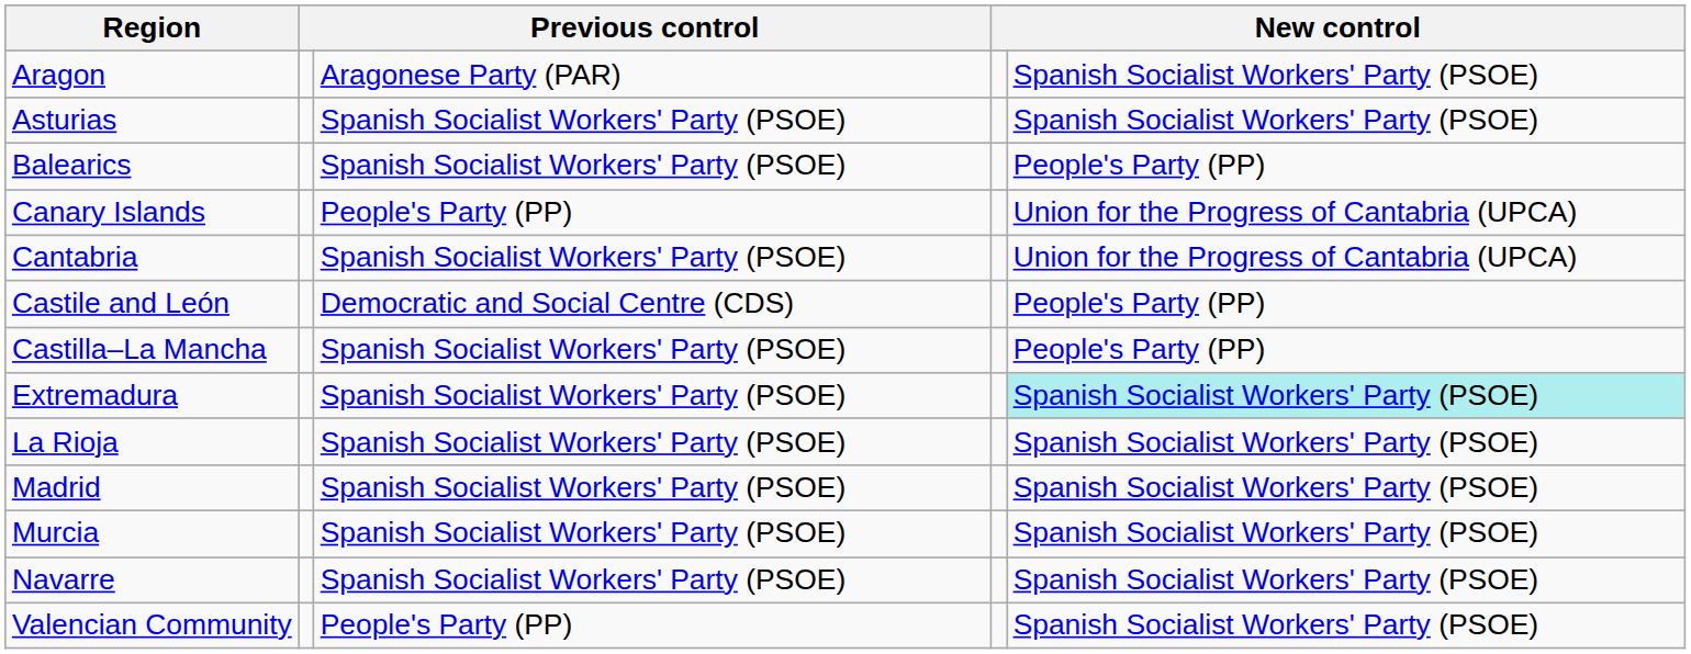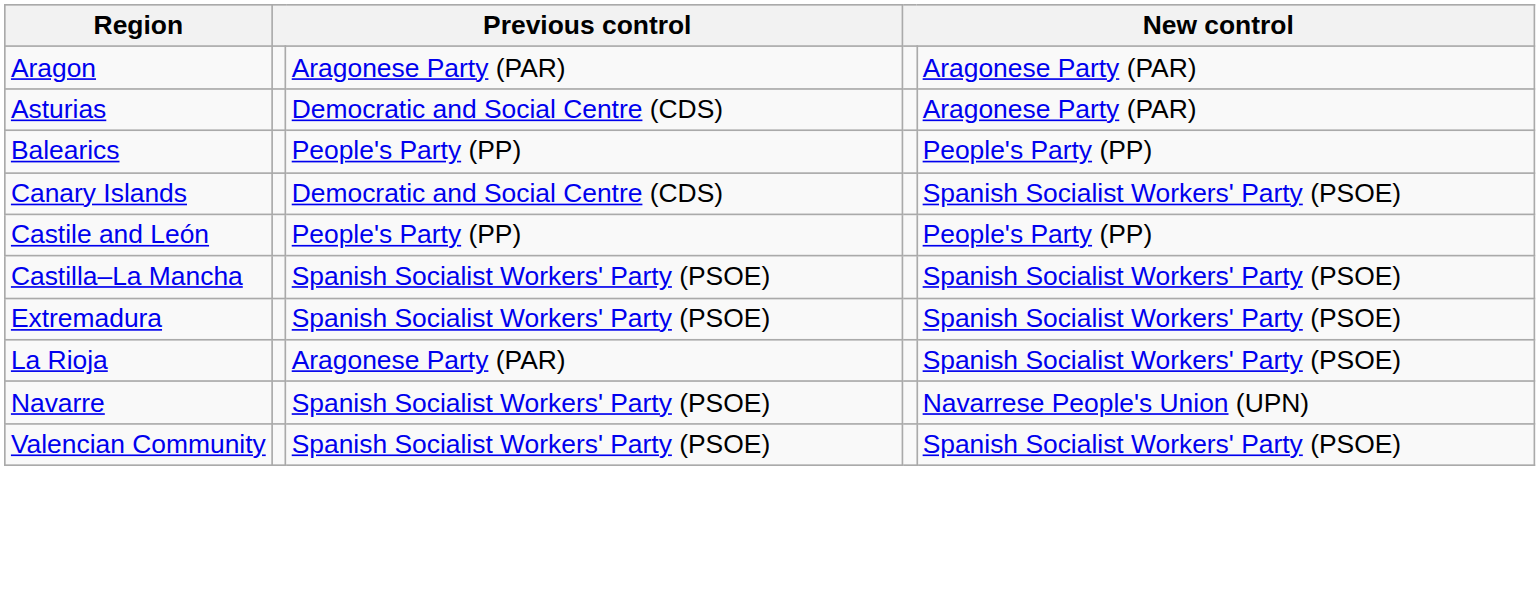 <table class="wikitable">
 <tr>
 <th>Region</th>
 <th colspan="2" style="width:375px;">Previous control</th>
 <th colspan="2" style="width:375px;">New control</th>
 </tr>
 <tr>
 <td><a href='#'>Aragon</a></td>
 <td width="1" style="color:inherit;background:"></td>
 <td><a href='#'>Aragonese Party</a> (PAR)</td>
 <td width="1" style="color:inherit;background:"></td>
-<td><a href='#'>Spanish Socialist Workers' Party</a> (PSOE)</td>
+<td><a href='#'>Aragonese Party</a> (PAR) </td>
 </tr>
 <tr>
 <td><a href='#'>Asturias</a></td>
 <td style="color:inherit;background:"></td>
-<td><a href='#'>Spanish Socialist Workers' Party</a> (PSOE)</td>
+<td><a href='#'>Democratic and Social Centre</a> (CDS)</td>
 <td style="color:inherit;background:"></td>
-<td><a href='#'>Spanish Socialist Workers' Party</a> (PSOE)</td>
+<td><a href='#'>Aragonese Party</a> (PAR) </td>
 </tr>
 <tr>
 <td><a href='#'>Balearics</a></td>
 <td style="color:inherit;background:"></td>
-<td><a href='#'>Spanish Socialist Workers' Party</a> (PSOE)</td>
+<td><a href='#'>People's Party</a> (PP)</td>
 <td style="color:inherit;background:"></td>
 <td><a href='#'>People's Party</a> (PP)</td>
 </tr>
 <tr>
 <td><a href='#'>Canary Islands</a></td>
 <td style="color:inherit;background:"></td>
-<td><a href='#'>People's Party</a> (PP)</td>
+<td><a href='#'>Democratic and Social Centre</a> (CDS)</td>
 <td style="color:inherit;background:"></td>
-<td><a href='#'>Union for the Progress of Cantabria</a> (UPCA)</td>
-</tr>
-<tr>
-<td><a href='#'>Cantabria</a></td>
-<td style="color:inherit;background:"></td>
-<td><a href='#'>Spanish Socialist Workers' Party</a> (PSOE)</td>
-<td style="color:inherit;background:"></td>
-<td><a href='#'>Union for the Progress of Cantabria</a> (UPCA)</td>
+<td><a href='#'>Spanish Socialist Workers' Party</a> (PSOE) </td>
 </tr>
 <tr>
 <td><a href='#'>Castile and León</a></td>
 <td style="color:inherit;background:"></td>
-<td><a href='#'>Democratic and Social Centre</a> (CDS)</td>
+<td><a href='#'>People's Party</a> (PP)</td>
 <td style="color:inherit;background:"></td>
 <td><a href='#'>People's Party</a> (PP)</td>
 </tr>
 <tr>
 <td><a href='#'>Castilla–La Mancha</a></td>
 <td style="color:inherit;background:"></td>
 <td><a href='#'>Spanish Socialist Workers' Party</a> (PSOE)</td>
 <td style="color:inherit;background:"></td>
-<td><a href='#'>People's Party</a> (PP)</td>
+<td><a href='#'>Spanish Socialist Workers' Party</a> (PSOE)</td>
 </tr>
 <tr>
 <td><a href='#'>Extremadura</a></td>
 <td style="color:inherit;background:"></td>
 <td><a href='#'>Spanish Socialist Workers' Party</a> (PSOE)</td>
 <td style="color:inherit;background:"></td>
-<td style="background: paleturquoise;"><a href='#'>Spanish Socialist Workers' Party</a> (PSOE)</td>
+<td><a href='#'>Spanish Socialist Workers' Party</a> (PSOE)</td>
 </tr>
 <tr>
 <td><a href='#'>La Rioja</a></td>
 <td style="color:inherit;background:"></td>
-<td><a href='#'>Spanish Socialist Workers' Party</a> (PSOE)</td>
-<td style="color:inherit;background:"></td>
-<td><a href='#'>Spanish Socialist Workers' Party</a> (PSOE)</td>
-</tr>
-<tr>
-<td><a href='#'>Madrid</a></td>
-<td style="color:inherit;background:"></td>
-<td><a href='#'>Spanish Socialist Workers' Party</a> (PSOE)</td>
-<td style="color:inherit;background:"></td>
-<td><a href='#'>Spanish Socialist Workers' Party</a> (PSOE)</td>
-</tr>
-<tr>
-<td><a href='#'>Murcia</a></td>
-<td style="color:inherit;background:"></td>
-<td><a href='#'>Spanish Socialist Workers' Party</a> (PSOE)</td>
+<td><a href='#'>Aragonese Party</a> (PAR)</td>
 <td style="color:inherit;background:"></td>
 <td><a href='#'>Spanish Socialist Workers' Party</a> (PSOE)</td>
 </tr>
 <tr>
 <td><a href='#'>Navarre</a></td>
 <td style="color:inherit;background:"></td>
 <td><a href='#'>Spanish Socialist Workers' Party</a> (PSOE)</td>
 <td style="color:inherit;background:"></td>
-<td><a href='#'>Spanish Socialist Workers' Party</a> (PSOE)</td>
+<td><a href='#'>Navarrese People's Union</a> (UPN)</td>
 </tr>
 <tr>
 <td><a href='#'>Valencian Community</a></td>
 <td style="color:inherit;background:"></td>
-<td><a href='#'>People's Party</a> (PP)</td>
+<td><a href='#'>Spanish Socialist Workers' Party</a> (PSOE)</td>
 <td style="color:inherit;background:"></td>
 <td><a href='#'>Spanish Socialist Workers' Party</a> (PSOE)</td>
 </tr>
 </table>
